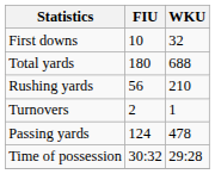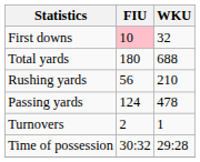 <table class="wikitable">
 <tr>
 <th>Statistics</th>
 <th>FIU</th>
 <th>WKU</th>
 </tr>
 <tr>
 <td>First downs</td>
-<td>10</td>
+<td style="background: pink;">10</td>
 <td>32</td>
 </tr>
 <tr>
 <td>Total yards</td>
 <td>180</td>
 <td>688</td>
 </tr>
 <tr>
 <td>Rushing yards</td>
 <td>56</td>
 <td>210</td>
 </tr>
 <tr>
+<td>Passing yards</td>
+<td>124</td>
+<td>478</td>
+</tr>
+<tr>
 <td>Turnovers</td>
 <td>2</td>
 <td>1</td>
-</tr>
-<tr>
-<td>Passing yards</td>
-<td>124</td>
-<td>478</td>
 </tr>
 <tr>
 <td>Time of possession</td>
 <td>30:32</td>
 <td>29:28</td>
 </tr>
 <tr>
 </tr>
 </table>
